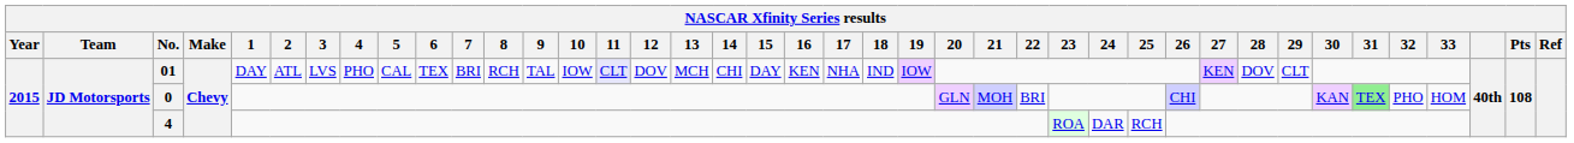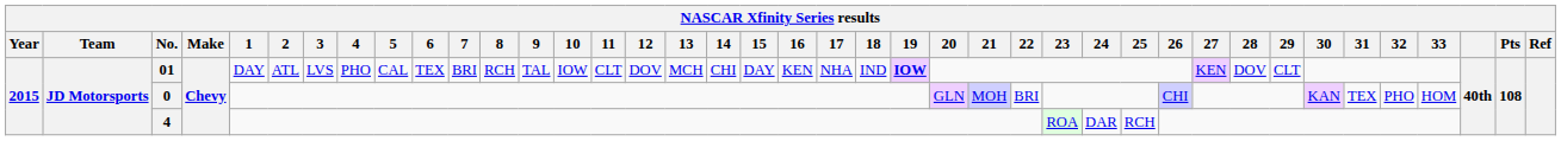 <table class="wikitable" style="text-align:center; font-size:75%">
 <tr>
 <th colspan=40><a href='#'>NASCAR Xfinity Series</a> results</th>
 </tr>
 <tr>
 <th>Year</th>
 <th>Team</th>
 <th>No.</th>
 <th>Make</th>
 <th>1</th>
 <th>2</th>
 <th>3</th>
 <th>4</th>
 <th>5</th>
 <th>6</th>
 <th>7</th>
 <th>8</th>
 <th>9</th>
 <th>10</th>
 <th>11</th>
 <th>12</th>
 <th>13</th>
 <th>14</th>
 <th>15</th>
 <th>16</th>
 <th>17</th>
 <th>18</th>
 <th>19</th>
 <th>20</th>
 <th>21</th>
 <th>22</th>
 <th>23</th>
 <th>24</th>
 <th>25</th>
 <th>26</th>
 <th>27</th>
 <th>28</th>
 <th>29</th>
 <th>30</th>
 <th>31</th>
 <th>32</th>
 <th>33</th>
 <th></th>
 <th>Pts</th>
 <th>Ref</th>
 </tr>
 <tr>
 <th rowspan=3><a href='#'>2015</a></th>
 <th rowspan=3><a href='#'>JD Motorsports</a></th>
 <th>01</th>
 <th rowspan=3><a href='#'>Chevy</a></th>
 <td><a href='#'>DAY</a></td>
 <td><a href='#'>ATL</a></td>
 <td><a href='#'>LVS</a></td>
 <td><a href='#'>PHO</a></td>
 <td><a href='#'>CAL</a></td>
 <td><a href='#'>TEX</a></td>
 <td><a href='#'>BRI</a></td>
 <td><a href='#'>RCH</a></td>
 <td><a href='#'>TAL</a></td>
 <td><a href='#'>IOW</a></td>
-<td style="background: lavender;"><a href='#'>CLT</a></td>
+<td><a href='#'>CLT</a></td>
 <td><a href='#'>DOV</a></td>
 <td><a href='#'>MCH</a></td>
 <td><a href='#'>CHI</a></td>
 <td><a href='#'>DAY</a></td>
 <td><a href='#'>KEN</a></td>
 <td><a href='#'>NHA</a></td>
 <td><a href='#'>IND</a></td>
-<td style="background:#EFCFFF;"><a href='#'>IOW</a><br></td>
+<td style="background:#EFCFFF;"><strong><a href='#'>IOW</a><br></strong></td>
 <td colspan=7></td>
 <td style="background:#EFCFFF;"><a href='#'>KEN</a><br></td>
 <td><a href='#'>DOV</a></td>
 <td><a href='#'>CLT</a></td>
 <td colspan=4></td>
 <th rowspan=3>40th</th>
 <th rowspan=3>108</th>
 <th rowspan=3></th>
 </tr>
 <tr>
 <th>0</th>
 <td colspan=19></td>
 <td style="background:#EFCFFF;"><a href='#'>GLN</a><br></td>
 <td style="background:#CFCFFF;"><a href='#'>MOH</a><br></td>
 <td><a href='#'>BRI</a></td>
 <td colspan=3></td>
 <td style="background:#CFCFFF;"><a href='#'>CHI</a><br></td>
 <td colspan=3></td>
 <td style="background:#EFCFFF;"><a href='#'>KAN</a><br></td>
-<td style="background: lightgreen;"><a href='#'>TEX</a></td>
+<td><a href='#'>TEX</a></td>
 <td><a href='#'>PHO</a></td>
 <td><a href='#'>HOM</a></td>
 </tr>
 <tr>
 <th>4</th>
 <td colspan=22></td>
 <td style="background:#DFFFDF;"><a href='#'>ROA</a><br></td>
 <td><a href='#'>DAR</a></td>
 <td><a href='#'>RCH</a></td>
 <td colspan=8></td>
 </tr>
 </table>
